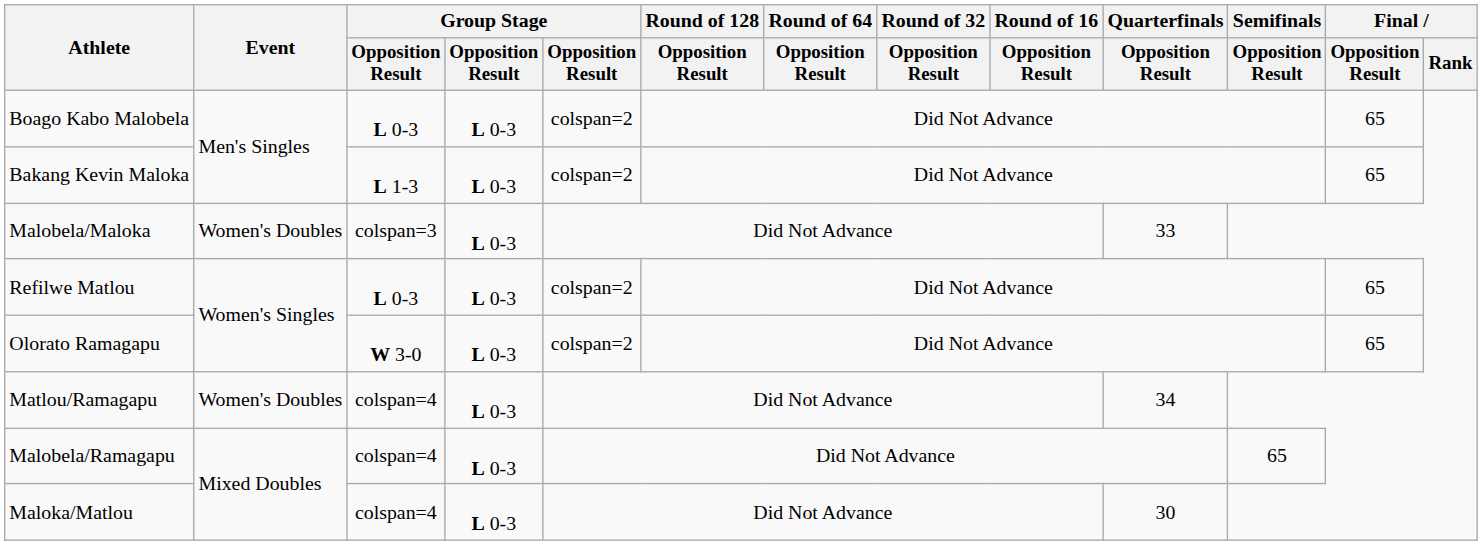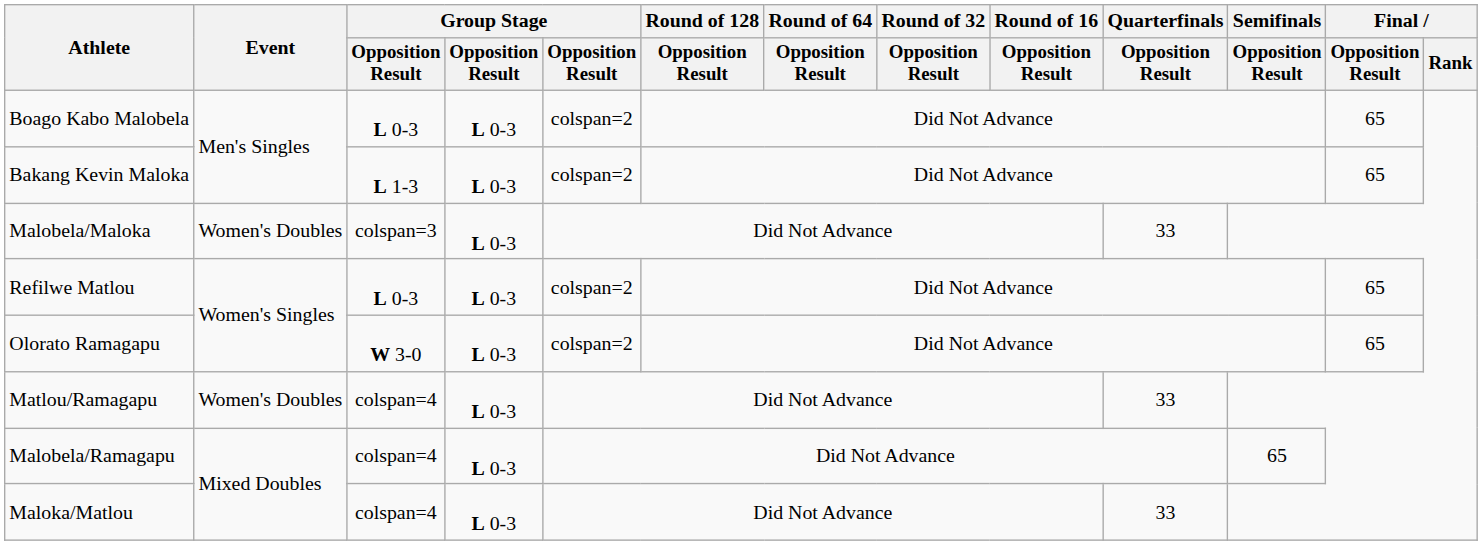 <table class="wikitable" style="font-size:90%;">
 <tr>
 <th rowspan=2>Athlete</th>
 <th rowspan=2>Event</th>
 <th colspan=3>Group Stage</th>
 <th>Round of 128</th>
 <th>Round of 64</th>
 <th>Round of 32</th>
 <th>Round of 16</th>
 <th>Quarterfinals</th>
 <th>Semifinals</th>
 <th colspan=2>Final / </th>
 </tr>
 <tr style="font-size:95%">
 <th>Opposition<br>Result</th>
 <th>Opposition<br>Result</th>
 <th>Opposition<br>Result</th>
 <th>Opposition<br>Result</th>
 <th>Opposition<br>Result</th>
 <th>Opposition<br>Result</th>
 <th>Opposition<br>Result</th>
 <th>Opposition<br>Result</th>
 <th>Opposition<br>Result</th>
 <th>Opposition<br>Result</th>
 <th>Rank</th>
 </tr>
 <tr align=center>
 <td align=left>Boago Kabo Malobela</td>
 <td align=left rowspan=2>Men's Singles</td>
 <td><br><strong>L</strong> 0-3</td>
 <td><br><strong>L</strong> 0-3</td>
 <td>colspan=2 </td>
 <td colspan=6>Did Not Advance</td>
 <td>65</td>
 </tr>
 <tr align=center>
 <td align=left>Bakang Kevin Maloka</td>
 <td><br><strong>L</strong> 1-3</td>
 <td><br><strong>L</strong> 0-3</td>
 <td>colspan=2 </td>
 <td colspan=6>Did Not Advance</td>
 <td>65</td>
 </tr>
 <tr align=center>
 <td align=left>Malobela/Maloka</td>
 <td align=left>Women's Doubles</td>
 <td>colspan=3 </td>
 <td><br><strong>L</strong> 0-3</td>
 <td colspan=5>Did Not Advance</td>
 <td>33</td>
 </tr>
 <tr align=center>
 <td align=left>Refilwe Matlou</td>
 <td align=left rowspan=2>Women's Singles</td>
 <td><br><strong>L</strong> 0-3</td>
 <td><br><strong>L</strong> 0-3</td>
 <td>colspan=2 </td>
 <td colspan=6>Did Not Advance</td>
 <td>65</td>
 </tr>
 <tr align=center>
 <td align=left>Olorato Ramagapu</td>
 <td><br><strong>W</strong> 3-0</td>
 <td><br><strong>L</strong> 0-3</td>
 <td>colspan=2 </td>
 <td colspan=6>Did Not Advance</td>
 <td>65</td>
 </tr>
 <tr align=center>
 <td align=left>Matlou/Ramagapu</td>
 <td align=left>Women's Doubles</td>
 <td>colspan=4 </td>
 <td><br><strong>L</strong> 0-3</td>
 <td colspan=5>Did Not Advance</td>
-<td>34</td>
+<td>33</td>
 </tr>
 <tr align=center>
 <td align=left>Malobela/Ramagapu</td>
 <td align=left rowspan=2>Mixed Doubles</td>
 <td>colspan=4 </td>
 <td><br><strong>L</strong> 0-3</td>
 <td colspan=6>Did Not Advance</td>
 <td>65</td>
 </tr>
 <tr align=center>
 <td align=left>Maloka/Matlou</td>
 <td>colspan=4 </td>
 <td><br><strong>L</strong> 0-3</td>
 <td colspan=5>Did Not Advance</td>
-<td>30</td>
+<td>33</td>
 </tr>
 </table>
